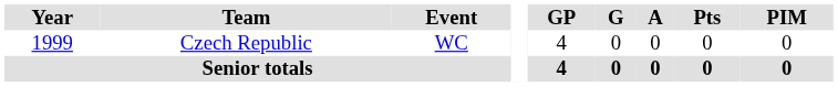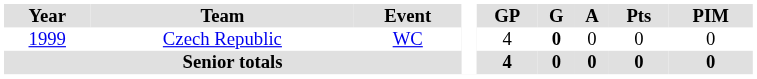 <table border="0" cellpadding="1" cellspacing="0" style="text-align:center; width:40em">
 <tr align="center" bgcolor="#e0e0e0">
 <th>Year</th>
 <th>Team</th>
 <th>Event</th>
 <th rowspan="99" bgcolor="#ffffff"> </th>
 <th>GP</th>
 <th>G</th>
 <th>A</th>
 <th>Pts</th>
 <th>PIM</th>
 </tr>
 <tr>
 <td><a href='#'>1999</a></td>
 <td><a href='#'>Czech Republic</a></td>
 <td><a href='#'>WC</a></td>
 <td>4</td>
-<td>0</td>
+<td><strong>0</strong></td>
 <td>0</td>
 <td>0</td>
 <td>0</td>
 </tr>
 <tr bgcolor="#e0e0e0">
 <th colspan="3">Senior totals</th>
 <th>4</th>
 <th>0</th>
 <th>0</th>
 <th>0</th>
 <th>0</th>
 </tr>
 </table>
